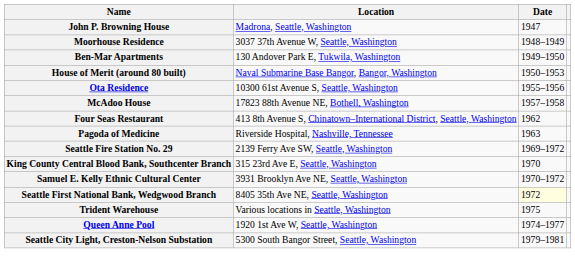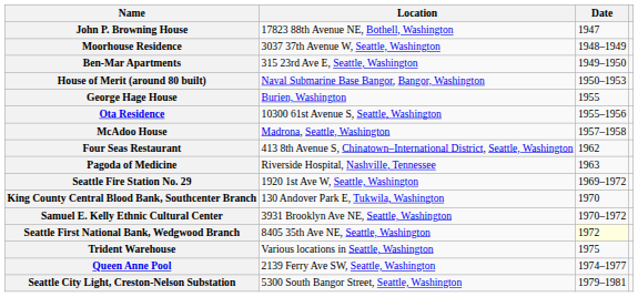 <table class="wikitable plainrowheaders">
 <tr>
 <th scope="col">Name</th>
 <th scope="col">Location</th>
 <th scope="col">Date</th>
 <th scope="col"></th>
 </tr>
 <tr>
 <th scope="row">John P. Browning House</th>
-<td><a href='#'>Madrona</a>, <a href='#'>Seattle, Washington</a></td>
+<td>17823 88th Avenue NE, <a href='#'>Bothell, Washington</a></td>
 <td>1947</td>
 <td style="text-align: center;"></td>
 </tr>
 <tr>
 <th scope="row">Moorhouse Residence</th>
 <td>3037 37th Avenue W, <a href='#'>Seattle, Washington</a></td>
 <td>1948–1949</td>
 <td style="text-align: center;"></td>
 </tr>
 <tr>
 <th scope="row">Ben-Mar Apartments</th>
-<td>130 Andover Park E, <a href='#'>Tukwila, Washington</a></td>
+<td>315 23rd Ave E, <a href='#'>Seattle, Washington</a></td>
 <td>1949–1950</td>
 <td style="text-align: center;"></td>
 </tr>
 <tr>
 <th scope="row">House of Merit (around 80 built)</th>
 <td><a href='#'>Naval Submarine Base Bangor</a>, <a href='#'>Bangor, Washington</a></td>
 <td>1950–1953</td>
 <td style="text-align: center;"></td>
 </tr>
 <tr>
+<th scope="row">George Hage House</th>
+<td><a href='#'>Burien, Washington</a></td>
+<td>1955</td>
+<td style="text-align: center;"></td>
+</tr>
+<tr>
 <th scope="row"><a href='#'>Ota Residence</a></th>
 <td>10300 61st Avenue S, <a href='#'>Seattle, Washington</a></td>
 <td>1955–1956</td>
 <td style="text-align: center;"></td>
 </tr>
 <tr>
 <th scope="row">McAdoo House</th>
-<td>17823 88th Avenue NE, <a href='#'>Bothell, Washington</a></td>
+<td><a href='#'>Madrona</a>, <a href='#'>Seattle, Washington</a></td>
 <td>1957–1958</td>
 <td style="text-align: center;"></td>
 </tr>
 <tr>
 <th scope="row">Four Seas Restaurant</th>
 <td>413 8th Avenue S, <a href='#'>Chinatown–International District</a>, <a href='#'>Seattle, Washington</a></td>
 <td>1962</td>
 <td style="text-align: center;"></td>
 </tr>
 <tr>
 <th scope="row">Pagoda of Medicine</th>
 <td>Riverside Hospital, <a href='#'>Nashville, Tennessee</a></td>
 <td>1963</td>
 <td style="text-align: center;"></td>
 </tr>
 <tr>
 <th scope="row">Seattle Fire Station No. 29</th>
-<td>2139 Ferry Ave SW, <a href='#'>Seattle, Washington</a></td>
+<td>1920 1st Ave W, <a href='#'>Seattle, Washington</a></td>
 <td>1969–1972</td>
 <td style="text-align: center;"></td>
 </tr>
 <tr>
 <th scope="row">King County Central Blood Bank, Southcenter Branch</th>
-<td>315 23rd Ave E, <a href='#'>Seattle, Washington</a></td>
+<td>130 Andover Park E, <a href='#'>Tukwila, Washington</a></td>
 <td>1970</td>
 <td style="text-align: center;"></td>
 </tr>
 <tr>
 <th scope="row">Samuel E. Kelly Ethnic Cultural Center</th>
 <td>3931 Brooklyn Ave NE, <a href='#'>Seattle, Washington</a></td>
 <td>1970–1972</td>
 <td style="text-align: center;"></td>
 </tr>
 <tr>
 <th scope="row">Seattle First National Bank, Wedgwood Branch</th>
 <td>8405 35th Ave NE, <a href='#'>Seattle, Washington</a></td>
 <td style="background: lightyellow;">1972</td>
 <td style="text-align: center;"></td>
 </tr>
 <tr>
 <th scope="row">Trident Warehouse</th>
 <td>Various locations in <a href='#'>Seattle, Washington</a></td>
 <td>1975</td>
 <td style="text-align: center;"></td>
 </tr>
 <tr>
 <th scope="row"><a href='#'>Queen Anne Pool</a></th>
-<td>1920 1st Ave W, <a href='#'>Seattle, Washington</a></td>
+<td>2139 Ferry Ave SW, <a href='#'>Seattle, Washington</a></td>
 <td>1974–1977</td>
 <td style="text-align: center;"></td>
 </tr>
 <tr>
 <th scope="row">Seattle City Light, Creston-Nelson Substation</th>
 <td>5300 South Bangor Street, <a href='#'>Seattle, Washington</a></td>
 <td>1979–1981</td>
 <td style="text-align: center;"></td>
 </tr>
 </table>
